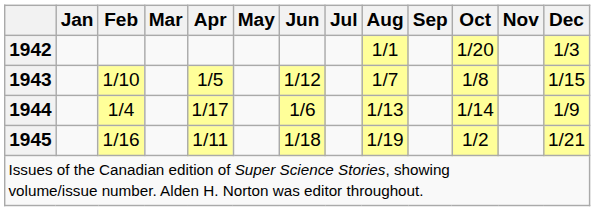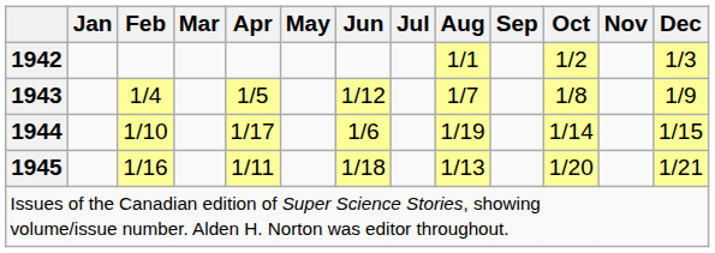 <table class="wikitable" style="font-size: 10pt; line-height: 11pt; margin-right: 2em; text-align: center; float: left">
 <tr>
 <th></th>
 <th>Jan</th>
 <th>Feb</th>
 <th>Mar</th>
 <th>Apr</th>
 <th>May</th>
 <th>Jun</th>
 <th>Jul</th>
 <th>Aug</th>
 <th>Sep</th>
 <th>Oct</th>
 <th>Nov</th>
 <th>Dec</th>
 </tr>
 <tr>
 <th>1942</th>
 <td></td>
 <td></td>
 <td></td>
 <td></td>
 <td></td>
 <td></td>
 <td></td>
 <td bgcolor=#ffff99>1/1</td>
 <td></td>
-<td bgcolor=#ffff99>1/20</td>
+<td bgcolor=#ffff99>1/2</td>
 <td></td>
 <td bgcolor=#ffff99>1/3</td>
 </tr>
 <tr>
 <th>1943</th>
 <td></td>
-<td bgcolor=#ffff99>1/10</td>
+<td bgcolor=#ffff99>1/4</td>
 <td></td>
 <td bgcolor=#ffff99>1/5</td>
 <td></td>
 <td bgcolor=#ffff99>1/12</td>
 <td></td>
 <td bgcolor=#ffff99>1/7</td>
 <td></td>
 <td bgcolor=#ffff99>1/8</td>
 <td></td>
-<td bgcolor=#ffff99>1/15</td>
+<td bgcolor=#ffff99>1/9</td>
 </tr>
 <tr>
 <th>1944</th>
 <td></td>
-<td bgcolor=#ffff99>1/4</td>
+<td bgcolor=#ffff99>1/10</td>
 <td></td>
 <td bgcolor=#ffff99>1/17</td>
 <td></td>
 <td bgcolor=#ffff99>1/6</td>
 <td></td>
-<td bgcolor=#ffff99>1/13</td>
+<td bgcolor=#ffff99>1/19</td>
 <td></td>
 <td bgcolor=#ffff99>1/14</td>
 <td></td>
-<td bgcolor=#ffff99>1/9</td>
+<td bgcolor=#ffff99>1/15</td>
 </tr>
 <tr>
 <th>1945</th>
 <td></td>
 <td bgcolor=#ffff99>1/16</td>
 <td></td>
 <td bgcolor=#ffff99>1/11</td>
 <td></td>
 <td bgcolor=#ffff99>1/18</td>
 <td></td>
-<td bgcolor=#ffff99>1/19</td>
+<td bgcolor=#ffff99>1/13</td>
 <td></td>
-<td bgcolor=#ffff99>1/2</td>
+<td bgcolor=#ffff99>1/20</td>
 <td></td>
 <td bgcolor=#ffff99>1/21</td>
 </tr>
 <tr>
 <td colspan="13" style="font-size: 8pt; text-align:left">Issues of the Canadian edition of <em>Super Science Stories</em>, showing<br> volume/issue number. Alden H. Norton was editor throughout.</td>
 </tr>
 </table>
